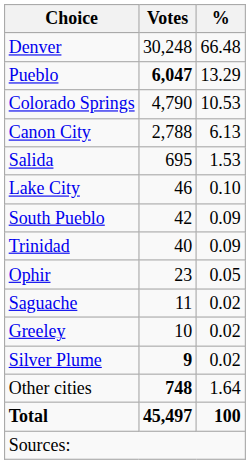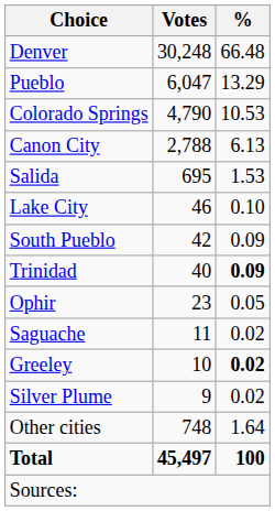 <table class=wikitable style=text-align:right>
 <tr>
 <th>Choice</th>
 <th>Votes</th>
 <th>%</th>
 </tr>
 <tr>
 <td align=left><a href='#'>Denver</a></td>
 <td>30,248</td>
 <td>66.48</td>
 </tr>
 <tr>
 <td align=left><a href='#'>Pueblo</a></td>
-<td><strong>6,047</strong></td>
+<td>6,047</td>
 <td>13.29</td>
 </tr>
 <tr>
 <td align=left><a href='#'>Colorado Springs</a></td>
 <td>4,790</td>
 <td>10.53</td>
 </tr>
 <tr>
 <td align=left><a href='#'>Canon City</a></td>
 <td>2,788</td>
 <td>6.13</td>
 </tr>
 <tr>
 <td align=left><a href='#'>Salida</a></td>
 <td>695</td>
 <td>1.53</td>
 </tr>
 <tr>
 <td align=left><a href='#'>Lake City</a></td>
 <td>46</td>
 <td>0.10</td>
 </tr>
 <tr>
 <td align=left><a href='#'>South Pueblo</a></td>
 <td>42</td>
 <td>0.09</td>
 </tr>
 <tr>
 <td align=left><a href='#'>Trinidad</a></td>
 <td>40</td>
-<td>0.09</td>
+<td><strong>0.09</strong></td>
 </tr>
 <tr>
 <td align=left><a href='#'>Ophir</a></td>
 <td>23</td>
 <td>0.05</td>
 </tr>
 <tr>
 <td align=left><a href='#'>Saguache</a></td>
 <td>11</td>
 <td>0.02</td>
 </tr>
 <tr>
 <td align=left><a href='#'>Greeley</a></td>
 <td>10</td>
-<td>0.02</td>
+<td><strong>0.02</strong></td>
 </tr>
 <tr>
 <td align=left><a href='#'>Silver Plume</a></td>
-<td><strong>9</strong></td>
+<td>9</td>
 <td>0.02</td>
 </tr>
 <tr>
 <td align=left>Other cities</td>
-<td><strong>748</strong></td>
+<td>748</td>
 <td>1.64</td>
 </tr>
 <tr>
 <td align=left><strong>Total</strong></td>
 <td><strong>45,497</strong></td>
 <td><strong>100</strong></td>
 </tr>
 <tr>
 <td align=left colspan=3>Sources:</td>
 </tr>
 </table>
